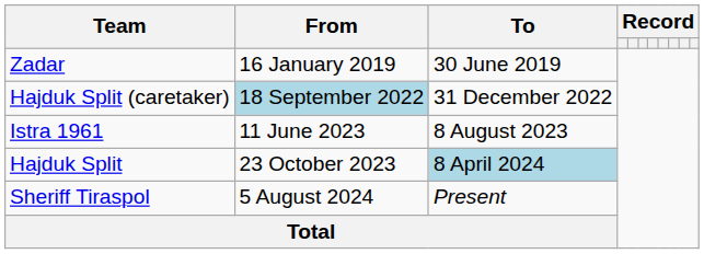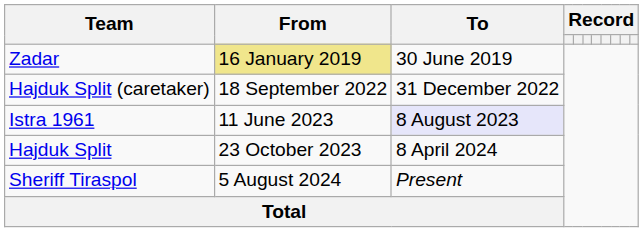 <table class=wikitable style="text-align: center">
 <tr>
 <th rowspan=2>Team</th>
 <th rowspan=2>From</th>
 <th rowspan=2>To</th>
 <th colspan=8>Record</th>
 </tr>
 <tr>
 <th></th>
 <th></th>
 <th></th>
 <th></th>
 <th></th>
 <th></th>
 <th></th>
 <th></th>
 </tr>
 <tr>
 <td align=left><a href='#'>Zadar</a></td>
-<td align=left>16 January 2019</td>
+<td align=left style="background: khaki;">16 January 2019</td>
 <td align=left>30 June 2019<br></td>
 </tr>
 <tr>
 <td align=left><a href='#'>Hajduk Split</a> (caretaker)</td>
-<td align=left style="background: lightblue;">18 September 2022</td>
+<td align=left>18 September 2022</td>
 <td align=left>31 December 2022<br></td>
 </tr>
 <tr>
 <td align=left><a href='#'>Istra 1961</a></td>
 <td align=left>11 June 2023</td>
-<td align=left>8 August 2023<br></td>
+<td align=left style="background: lavender;">8 August 2023<br></td>
 </tr>
 <tr>
 <td align=left><a href='#'>Hajduk Split</a></td>
 <td align=left>23 October 2023</td>
-<td align=left style="background: lightblue;">8 April 2024<br></td>
+<td align=left>8 April 2024<br></td>
 </tr>
 <tr>
 <td align=left><a href='#'>Sheriff Tiraspol</a></td>
 <td align=left>5 August 2024</td>
 <td align=left><em>Present</em><br></td>
 </tr>
 <tr>
 <th colspan=3>Total<br></th>
 </tr>
 </table>
